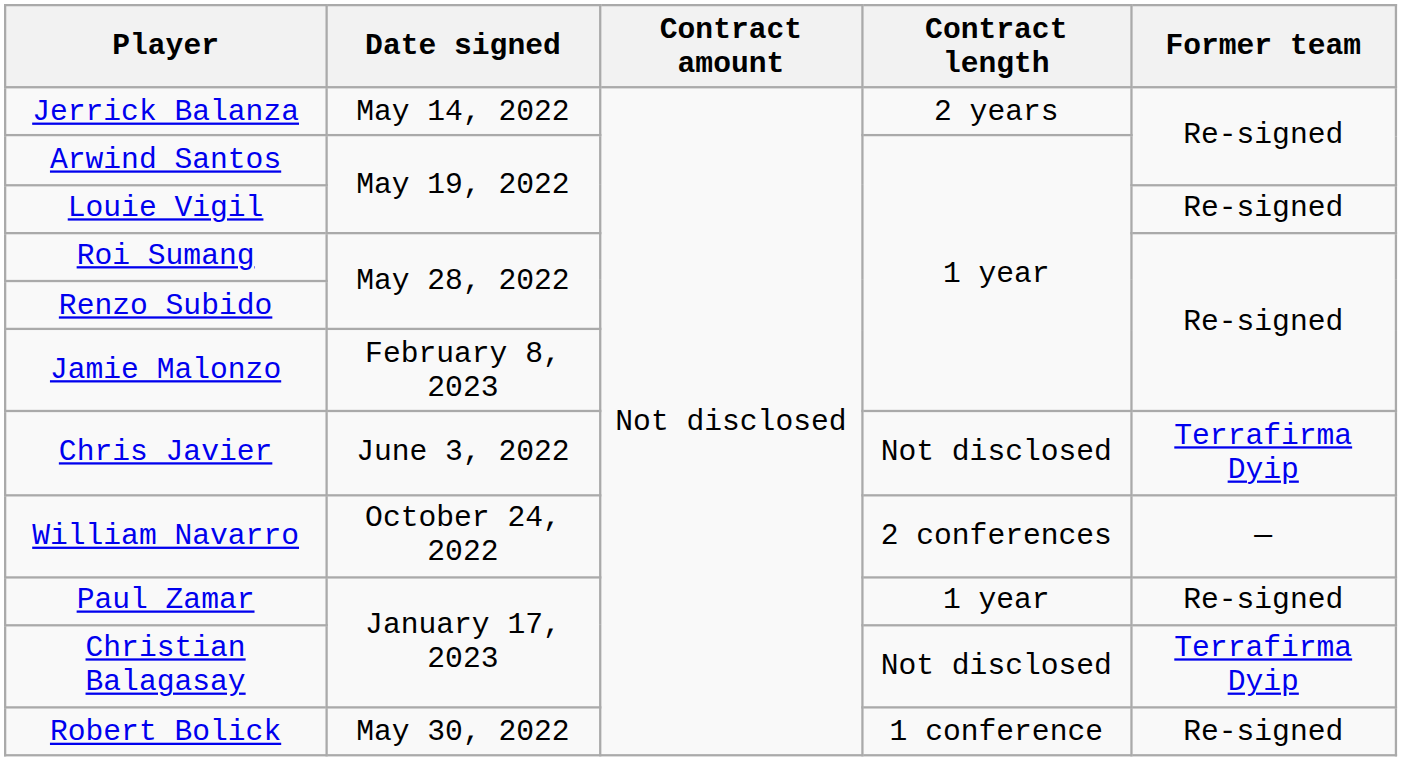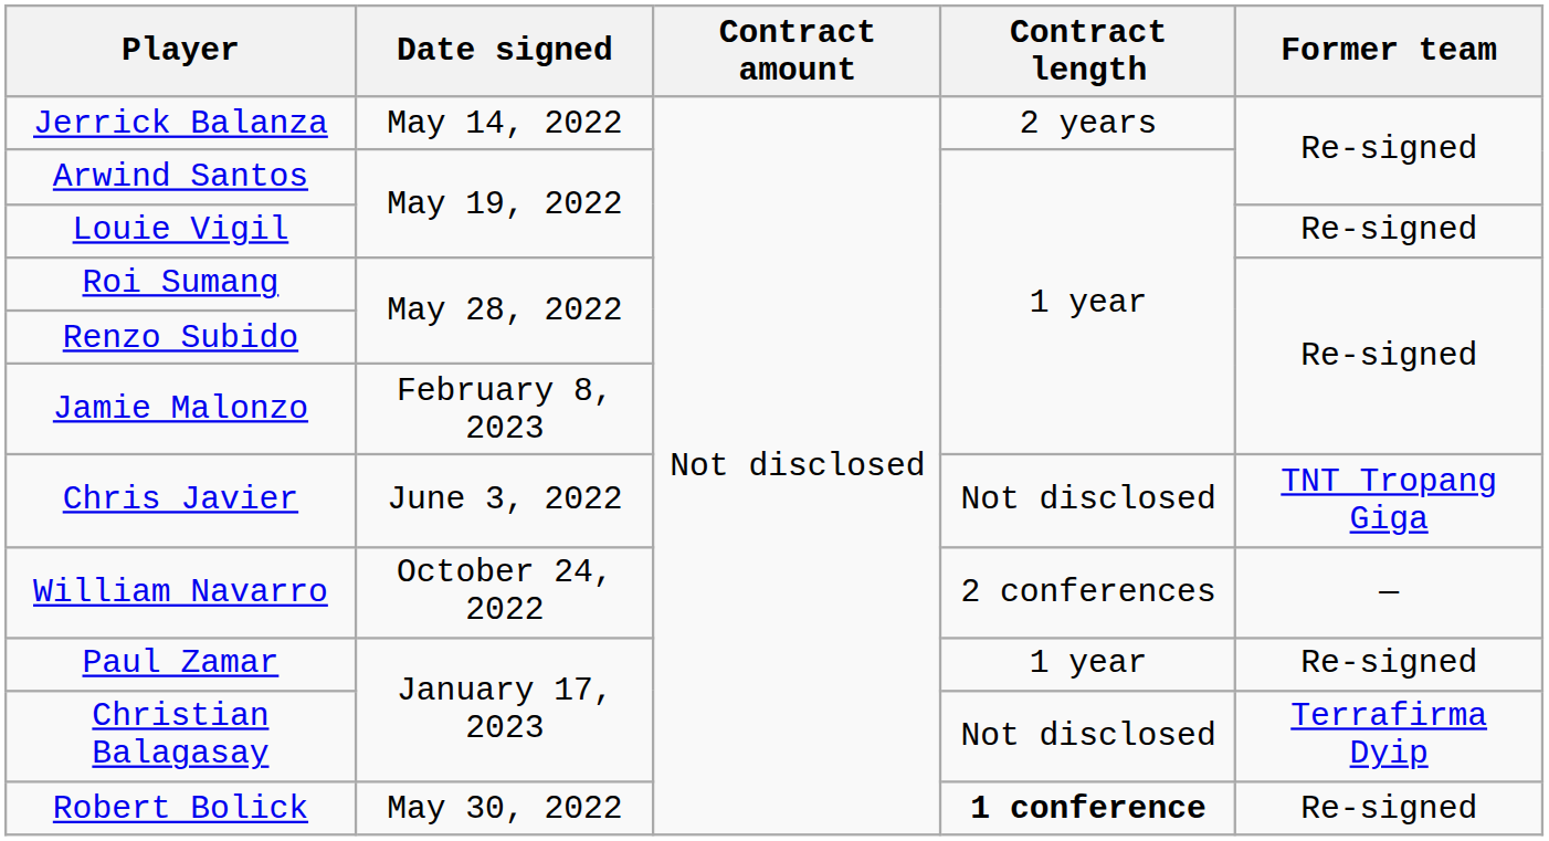 <table class="wikitable sortable sortable">
 <tr>
 <th>Player</th>
 <th>Date signed</th>
 <th>Contract amount</th>
 <th>Contract length</th>
 <th>Former team</th>
 </tr>
 <tr>
 <td align=center><a href='#'>Jerrick Balanza</a></td>
 <td align=center>May 14, 2022</td>
 <td align=center rowspan=12>Not disclosed</td>
 <td align=center>2 years</td>
 <td align=center rowspan=2>Re-signed</td>
 </tr>
 <tr>
 <td align=center><a href='#'>Arwind Santos</a></td>
 <td align=center rowspan=2>May 19, 2022</td>
 <td align=center rowspan=5>1 year</td>
 </tr>
 <tr>
 <td align=center><a href='#'>Louie Vigil</a></td>
 <td align=center>Re-signed</td>
 </tr>
 <tr>
 <td align=center><a href='#'>Roi Sumang</a></td>
 <td align=center rowspan=2>May 28, 2022</td>
 <td align=center rowspan=3>Re-signed</td>
 </tr>
 <tr>
 <td align=center><a href='#'>Renzo Subido</a></td>
 </tr>
 <tr>
 <td align=center><a href='#'>Jamie Malonzo</a></td>
 <td align=center>February 8, 2023</td>
 </tr>
 <tr>
 <td align=center><a href='#'>Chris Javier</a></td>
 <td align=center>June 3, 2022</td>
 <td align=center>Not disclosed</td>
-<td align=center><a href='#'>Terrafirma Dyip</a></td>
+<td align=center><a href='#'>TNT Tropang Giga</a></td>
 </tr>
 <tr>
 <td align=center><a href='#'>William Navarro</a></td>
 <td align=center>October 24, 2022</td>
 <td align=center>2 conferences</td>
 <td align=center>—</td>
 </tr>
 <tr>
 <td align=center><a href='#'>Paul Zamar</a></td>
 <td align=center rowspan=2>January 17, 2023</td>
 <td align=center>1 year</td>
 <td align=center>Re-signed</td>
 </tr>
 <tr>
 <td align=center><a href='#'>Christian Balagasay</a></td>
 <td align=center>Not disclosed</td>
 <td align=center><a href='#'>Terrafirma Dyip</a></td>
 </tr>
 <tr>
 <td align=center><a href='#'>Robert Bolick</a></td>
 <td align=center>May 30, 2022</td>
-<td align=center>1 conference</td>
+<td align=center><strong>1 conference</strong></td>
 <td align=center>Re-signed</td>
 </tr>
 </table>
